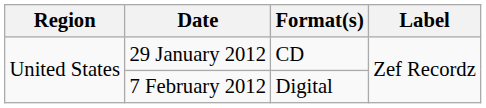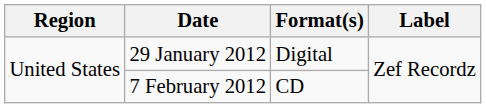 <table class="wikitable plainrowheaders">
 <tr>
 <th scope="col">Region</th>
 <th scope="col">Date</th>
 <th scope="col">Format(s)</th>
 <th scope="col">Label</th>
 </tr>
 <tr>
 <td rowspan="2">United States</td>
 <td>29 January 2012</td>
-<td>CD</td>
+<td>Digital</td>
 <td rowspan="2">Zef Recordz</td>
 </tr>
 <tr>
 <td>7 February 2012</td>
-<td>Digital</td>
+<td>CD</td>
 </tr>
 </table>
